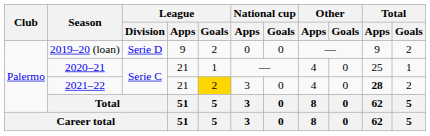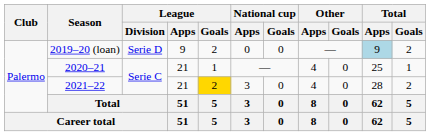 <table class="wikitable" style="text-align: center;">
 <tr>
 <th rowspan="2">Club</th>
 <th rowspan="2">Season</th>
 <th colspan="3">League</th>
 <th colspan="2">National cup</th>
 <th colspan="2">Other</th>
 <th colspan="2">Total</th>
 </tr>
 <tr>
 <th>Division</th>
 <th>Apps</th>
 <th>Goals</th>
 <th>Apps</th>
 <th>Goals</th>
 <th>Apps</th>
 <th>Goals</th>
 <th>Apps</th>
 <th>Goals</th>
 </tr>
 <tr>
 <td rowspan="4"><a href='#'>Palermo</a></td>
 <td><a href='#'>2019–20</a> (loan)</td>
 <td><a href='#'>Serie D</a></td>
 <td>9</td>
 <td>2</td>
 <td>0</td>
 <td>0</td>
 <td colspan="2">—</td>
-<td>9</td>
+<td style="background: lightblue;">9</td>
 <td>2</td>
 </tr>
 <tr>
 <td><a href='#'>2020–21</a></td>
 <td rowspan="2"><a href='#'>Serie C</a></td>
 <td>21</td>
 <td>1</td>
 <td colspan="2">—</td>
 <td>4</td>
 <td>0</td>
 <td>25</td>
 <td>1</td>
 </tr>
 <tr>
 <td><a href='#'>2021–22</a></td>
 <td>21</td>
 <td style="background: gold;">2</td>
 <td>3</td>
 <td>0</td>
 <td>4</td>
 <td>0</td>
-<td><strong>28</strong></td>
+<td>28</td>
 <td>2</td>
 </tr>
 <tr>
 <th colspan="2">Total</th>
 <th>51</th>
 <th>5</th>
 <th>3</th>
 <th>0</th>
 <th>8</th>
 <th>0</th>
 <th>62</th>
 <th>5</th>
 </tr>
 <tr>
 <th colspan="3">Career total</th>
 <th>51</th>
 <th>5</th>
 <th>3</th>
 <th>0</th>
 <th>8</th>
 <th>0</th>
 <th>62</th>
 <th>5</th>
 </tr>
 </table>
